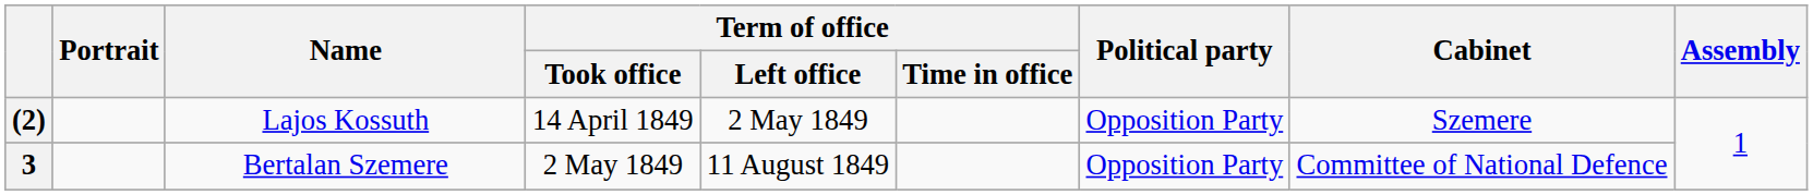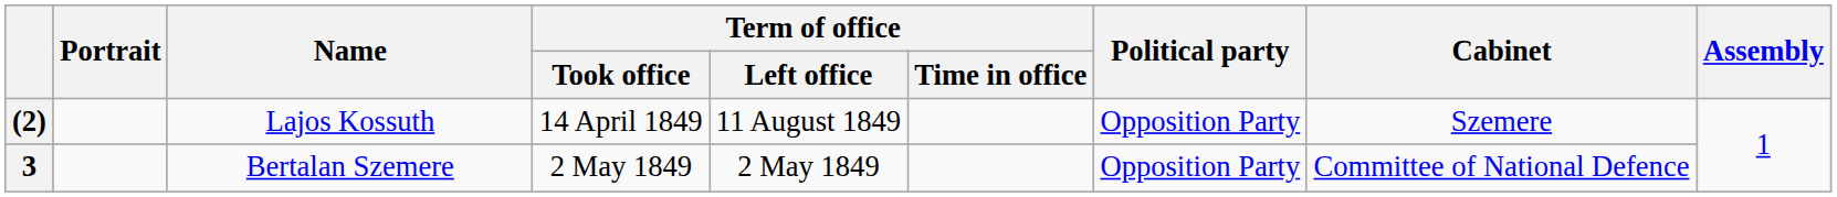 <table class="wikitable" style="text-align:center;">
 <tr>
 <th rowspan=2></th>
 <th rowspan=2>Portrait</th>
 <th width=20% rowspan=2>Name<br></th>
 <th colspan=3>Term of office</th>
 <th rowspan=2>Political party</th>
 <th rowspan=2>Cabinet</th>
 <th rowspan=2><a href='#'>Assembly</a><br></th>
 </tr>
 <tr>
 <th>Took office</th>
 <th>Left office</th>
 <th>Time in office</th>
 </tr>
 <tr>
 <th style="background:">(2)</th>
 <td></td>
 <td><a href='#'>Lajos Kossuth</a><br></td>
 <td>14 April 1849</td>
-<td>2 May 1849</td>
+<td>11 August 1849</td>
 <td></td>
 <td><a href='#'>Opposition Party</a></td>
 <td><a href='#'>Szemere</a></td>
 <td rowspan=2><a href='#'>1 </a></td>
 </tr>
 <tr>
 <th style="background:">3</th>
 <td></td>
 <td><a href='#'>Bertalan Szemere</a><br></td>
 <td>2 May 1849</td>
-<td>11 August 1849</td>
+<td>2 May 1849</td>
 <td></td>
 <td><a href='#'>Opposition Party</a></td>
 <td><a href='#'>Committee of National Defence</a></td>
 </tr>
 </table>
